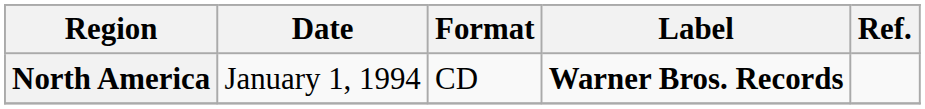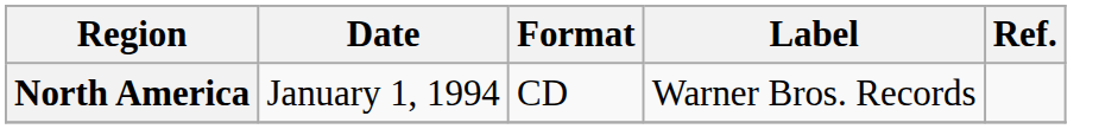 <table class="wikitable plainrowheaders">
 <tr>
 <th scope="col">Region</th>
 <th scope="col">Date</th>
 <th scope="col">Format</th>
 <th scope="col">Label</th>
 <th scope="col">Ref.</th>
 </tr>
 <tr>
 <th scope="row">North America</th>
 <td>January 1, 1994</td>
 <td>CD</td>
-<td><strong>Warner Bros. Records</strong></td>
+<td>Warner Bros. Records</td>
 <td></td>
 </tr>
 <tr>
 </tr>
 </table>
